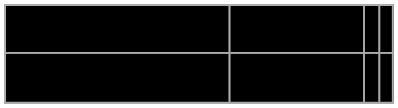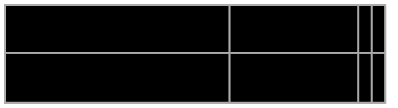 <table class="wikitable">
 <tr align="center" bgcolor=" ">
 <td>Jamie Grinder</td>
 <td>Defense</td>
 <td></td>
 <td></td>
 </tr>
 <tr align="center" bgcolor=" ">
 <td>Madisyn Wiebe</td>
-<td><strong>Forward</strong></td>
+<td>Forward</td>
 <td></td>
 <td></td>
 </tr>
 <tr align="center" bgcolor=" ">
 </tr>
 </table>
